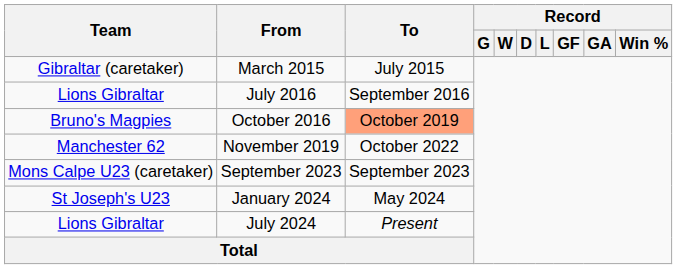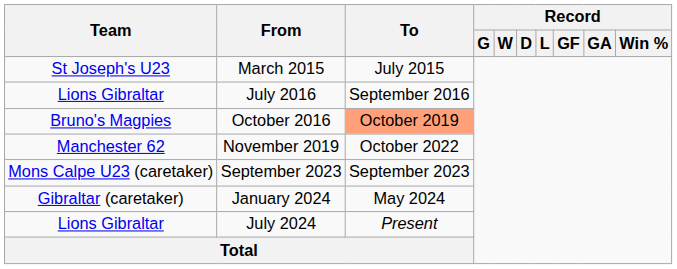 <table class="wikitable" style="text-align: center">
 <tr>
 <th rowspan="2">Team</th>
 <th rowspan="2">From</th>
 <th rowspan="2">To</th>
 <th colspan="7">Record</th>
 </tr>
 <tr>
 <th>G</th>
 <th>W</th>
 <th>D</th>
 <th>L</th>
 <th>GF</th>
 <th>GA</th>
 <th>Win %</th>
 </tr>
 <tr>
-<td><a href='#'>Gibraltar</a> (caretaker)</td>
+<td><a href='#'>St Joseph's U23</a></td>
 <td>March 2015</td>
 <td>July 2015<br></td>
 </tr>
 <tr>
 <td><a href='#'>Lions Gibraltar</a></td>
 <td>July 2016</td>
 <td>September 2016<br></td>
 </tr>
 <tr>
 <td><a href='#'>Bruno's Magpies</a></td>
 <td>October 2016</td>
 <td style="background: lightsalmon;">October 2019<br></td>
 </tr>
 <tr>
 <td><a href='#'>Manchester 62</a></td>
 <td>November 2019</td>
 <td>October 2022<br></td>
 </tr>
 <tr>
 <td><a href='#'>Mons Calpe U23</a> (caretaker)</td>
 <td>September 2023</td>
 <td>September 2023<br></td>
 </tr>
 <tr>
-<td><a href='#'>St Joseph's U23</a></td>
+<td><a href='#'>Gibraltar</a> (caretaker)</td>
 <td>January 2024</td>
 <td>May 2024<br></td>
 </tr>
 <tr>
 <td><a href='#'>Lions Gibraltar</a></td>
 <td>July 2024</td>
 <td><em>Present</em><br></td>
 </tr>
 <tr>
 <th colspan=3>Total<br></th>
 </tr>
 </table>
